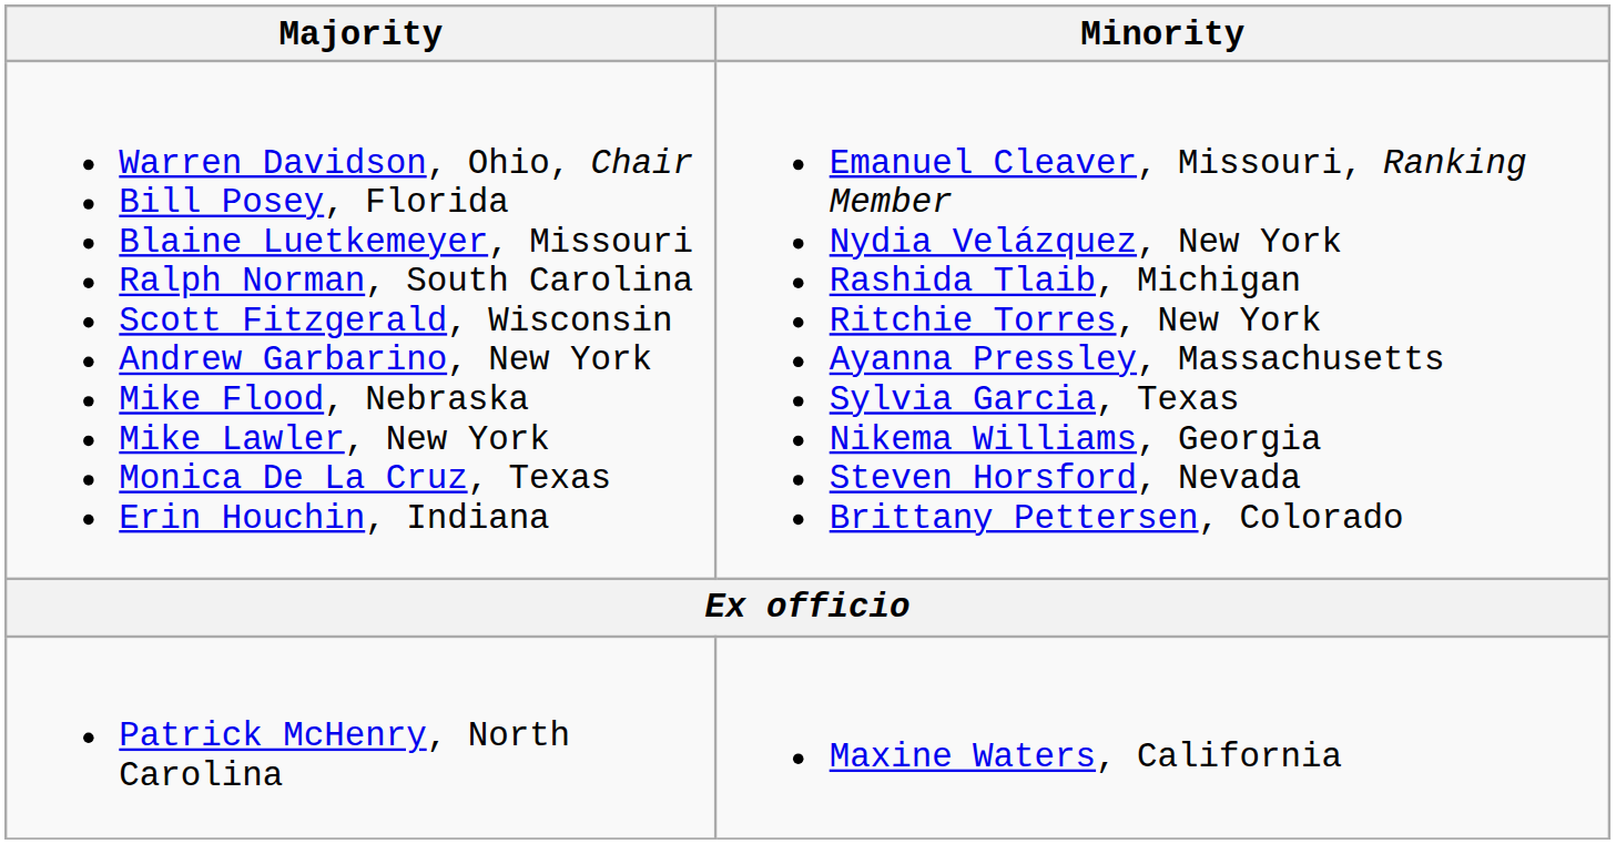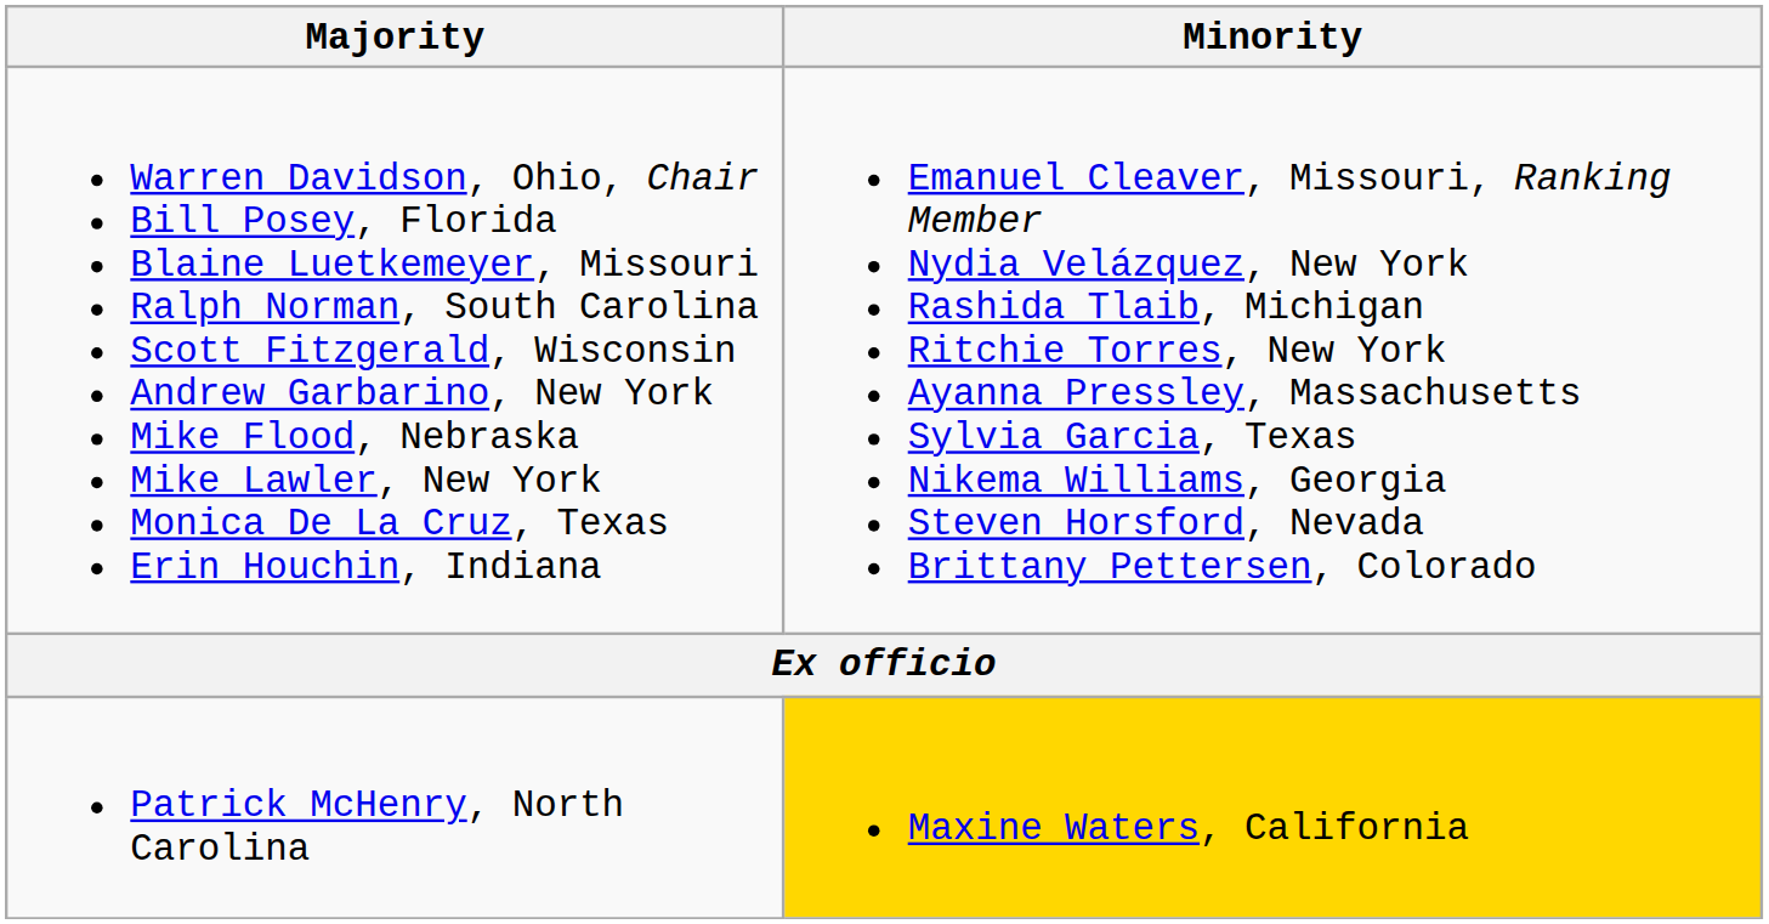 <table class=wikitable>
 <tr>
 <th>Majority</th>
 <th>Minority</th>
 </tr>
 <tr>
 <td><br><ul><li><a href='#'>Warren Davidson</a>, Ohio, <em>Chair</em></li><li><a href='#'>Bill Posey</a>, Florida</li><li><a href='#'>Blaine Luetkemeyer</a>, Missouri</li><li><a href='#'>Ralph Norman</a>, South Carolina</li><li><a href='#'>Scott Fitzgerald</a>, Wisconsin</li><li><a href='#'>Andrew Garbarino</a>, New York</li><li><a href='#'>Mike Flood</a>, Nebraska</li><li><a href='#'>Mike Lawler</a>, New York</li><li><a href='#'>Monica De La Cruz</a>, Texas</li><li><a href='#'>Erin Houchin</a>, Indiana</li></ul></td>
 <td><br><ul><li><a href='#'>Emanuel Cleaver</a>, Missouri, <em>Ranking Member</em></li><li><a href='#'>Nydia Velázquez</a>, New York</li><li><a href='#'>Rashida Tlaib</a>, Michigan</li><li><a href='#'>Ritchie Torres</a>, New York</li><li><a href='#'>Ayanna Pressley</a>, Massachusetts</li><li><a href='#'>Sylvia Garcia</a>, Texas</li><li><a href='#'>Nikema Williams</a>, Georgia</li><li><a href='#'>Steven Horsford</a>, Nevada</li><li><a href='#'>Brittany Pettersen</a>, Colorado</li></ul></td>
 </tr>
 <tr>
 <th colspan=2><em>Ex officio</em></th>
 </tr>
 <tr>
 <td><br><ul><li><a href='#'>Patrick McHenry</a>, North Carolina</li></ul></td>
-<td><br><ul><li><a href='#'>Maxine Waters</a>, California</li></ul></td>
+<td style="background: gold;"><br><ul><li><a href='#'>Maxine Waters</a>, California</li></ul></td>
 </tr>
 </table>
